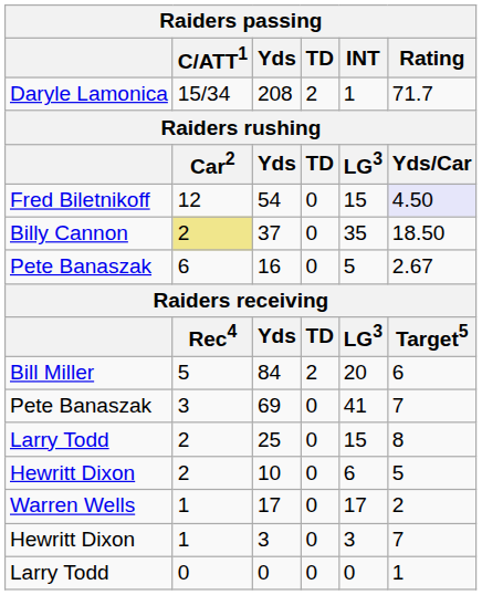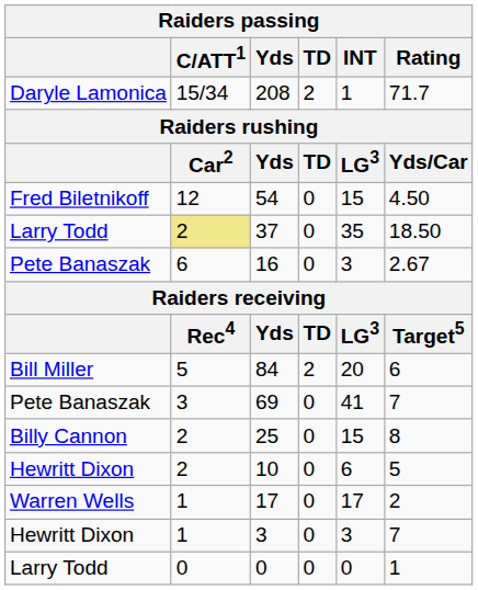 <table class="wikitable">
 <tr>
 <th colspan="6">Raiders passing</th>
 </tr>
 <tr>
 <th></th>
 <th>C/ATT<sup>1</sup></th>
 <th>Yds</th>
 <th>TD</th>
 <th>INT</th>
 <th>Rating</th>
 </tr>
 <tr>
 <td><a href='#'>Daryle Lamonica</a></td>
 <td>15/34</td>
 <td>208</td>
 <td>2</td>
 <td>1</td>
 <td>71.7</td>
 </tr>
 <tr>
 <th colspan="6">Raiders rushing</th>
 </tr>
 <tr>
 <th></th>
 <th>Car<sup>2</sup></th>
 <th>Yds</th>
 <th>TD</th>
 <th>LG<sup>3</sup></th>
 <th>Yds/Car</th>
 </tr>
 <tr>
 <td><a href='#'>Fred Biletnikoff</a></td>
 <td>12</td>
 <td>54</td>
 <td>0</td>
 <td>15</td>
-<td style="background: lavender;">4.50</td>
+<td>4.50</td>
 </tr>
 <tr>
-<td><a href='#'>Billy Cannon</a></td>
+<td><a href='#'>Larry Todd</a></td>
 <td style="background: khaki;">2</td>
 <td>37</td>
 <td>0</td>
 <td>35</td>
 <td>18.50</td>
 </tr>
 <tr>
 <td><a href='#'>Pete Banaszak</a></td>
 <td>6</td>
 <td>16</td>
 <td>0</td>
-<td>5</td>
+<td>3</td>
 <td>2.67</td>
 </tr>
 <tr>
 <th colspan="6">Raiders receiving</th>
 </tr>
 <tr>
 <th></th>
 <th>Rec<sup>4</sup></th>
 <th>Yds</th>
 <th>TD</th>
 <th>LG<sup>3</sup></th>
 <th>Target<sup>5</sup></th>
 </tr>
 <tr>
 <td><a href='#'>Bill Miller</a></td>
 <td>5</td>
 <td>84</td>
 <td>2</td>
 <td>20</td>
 <td>6</td>
 </tr>
 <tr>
 <td>Pete Banaszak</td>
 <td>3</td>
 <td>69</td>
 <td>0</td>
 <td>41</td>
 <td>7</td>
 </tr>
 <tr>
-<td><a href='#'>Larry Todd</a></td>
+<td><a href='#'>Billy Cannon</a></td>
 <td>2</td>
 <td>25</td>
 <td>0</td>
 <td>15</td>
 <td>8</td>
 </tr>
 <tr>
 <td><a href='#'>Hewritt Dixon</a></td>
 <td>2</td>
 <td>10</td>
 <td>0</td>
 <td>6</td>
 <td>5</td>
 </tr>
 <tr>
 <td><a href='#'>Warren Wells</a></td>
 <td>1</td>
 <td>17</td>
 <td>0</td>
 <td>17</td>
 <td>2</td>
 </tr>
 <tr>
 <td>Hewritt Dixon</td>
 <td>1</td>
 <td>3</td>
 <td>0</td>
 <td>3</td>
 <td>7</td>
 </tr>
 <tr>
 <td>Larry Todd</td>
 <td>0</td>
 <td>0</td>
 <td>0</td>
 <td>0</td>
 <td>1</td>
 </tr>
 </table>
